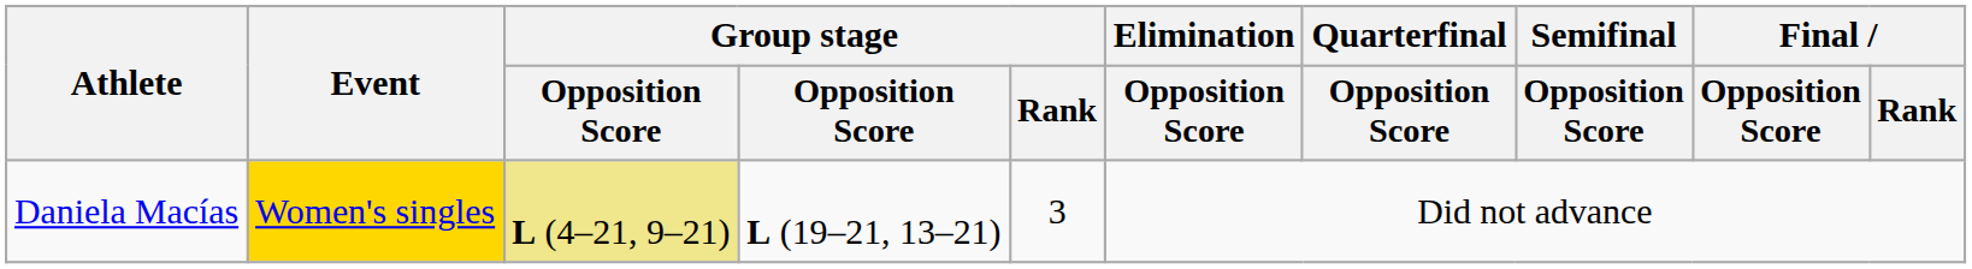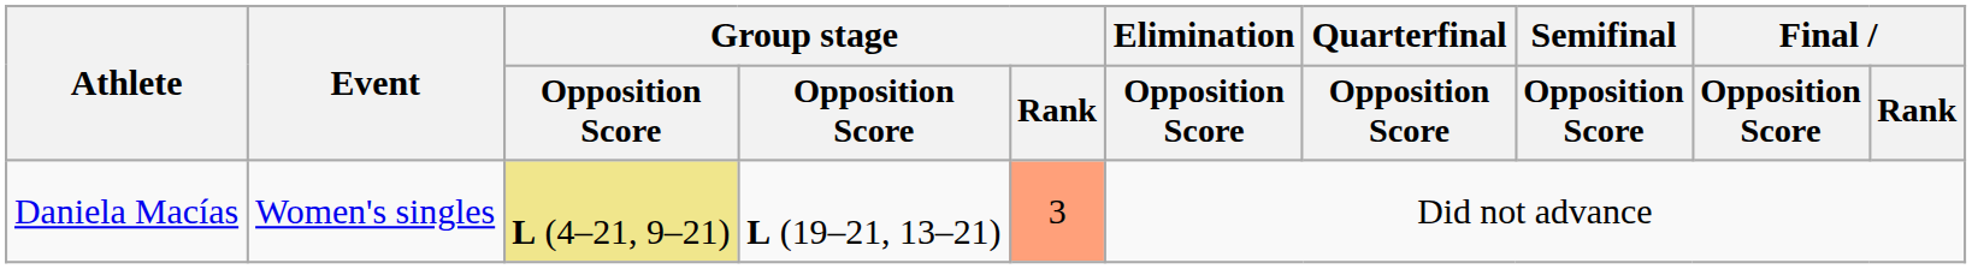 <table class="wikitable" style="font-size:90%">
 <tr>
 <th rowspan=2>Athlete</th>
 <th rowspan=2>Event</th>
 <th colspan=3>Group stage</th>
 <th>Elimination</th>
 <th>Quarterfinal</th>
 <th>Semifinal</th>
 <th colspan=2>Final / </th>
 </tr>
 <tr style="font-size:95%">
 <th>Opposition<br>Score</th>
 <th>Opposition<br>Score</th>
 <th>Rank</th>
 <th>Opposition<br>Score</th>
 <th>Opposition<br>Score</th>
 <th>Opposition<br>Score</th>
 <th>Opposition<br>Score</th>
 <th>Rank</th>
 </tr>
 <tr align=center>
 <td align=left><a href='#'>Daniela Macías</a></td>
-<td align=left style="background: gold;"><a href='#'>Women's singles</a></td>
+<td align=left><a href='#'>Women's singles</a></td>
 <td style="background: khaki;"><br><strong>L</strong> (4–21, 9–21)</td>
 <td><br><strong>L</strong> (19–21, 13–21)</td>
-<td>3</td>
+<td style="background: lightsalmon;">3</td>
 <td colspan=5>Did not advance</td>
 </tr>
 </table>
